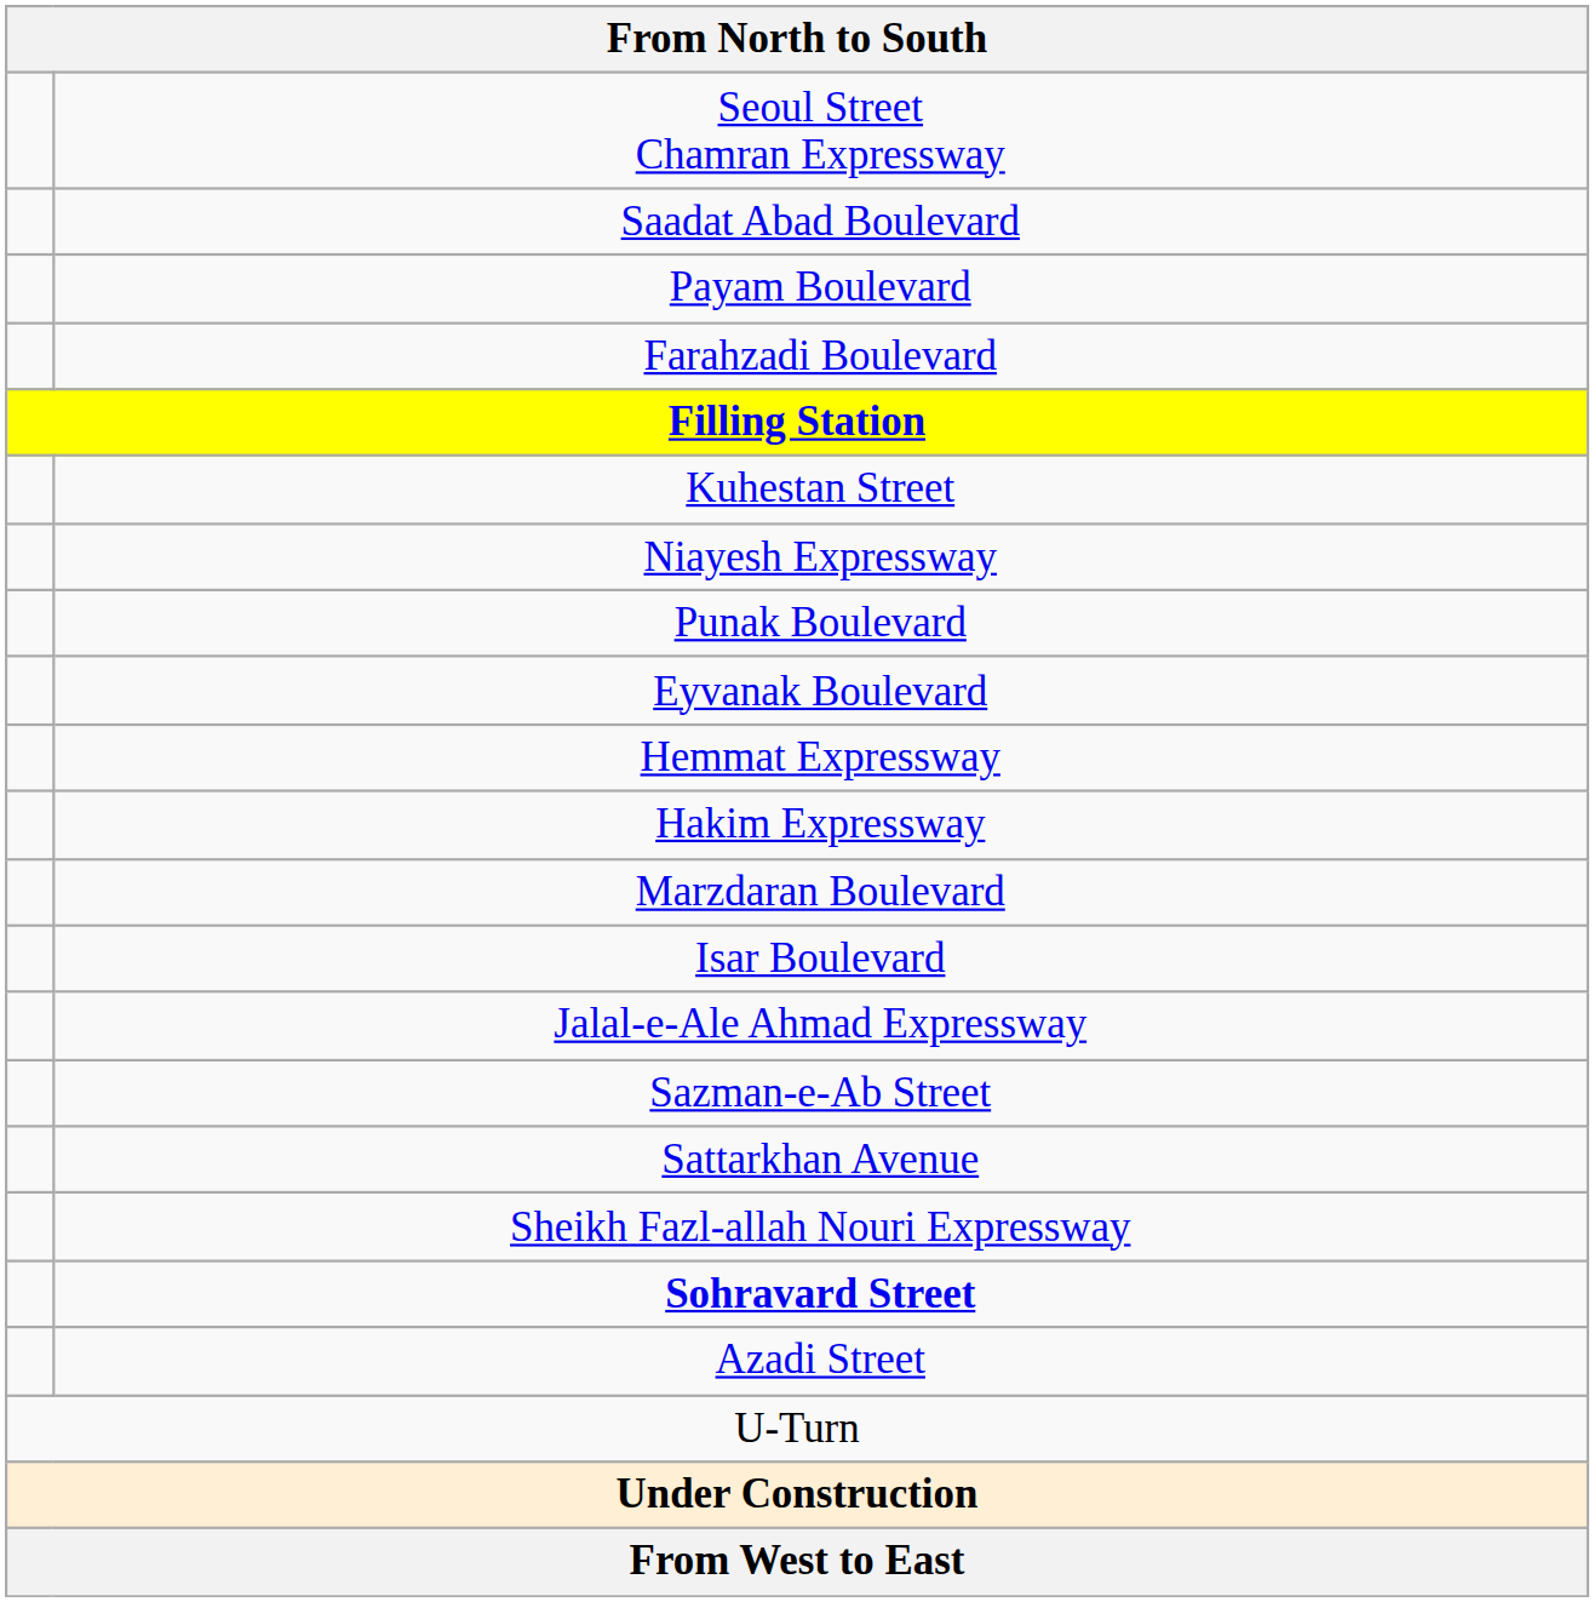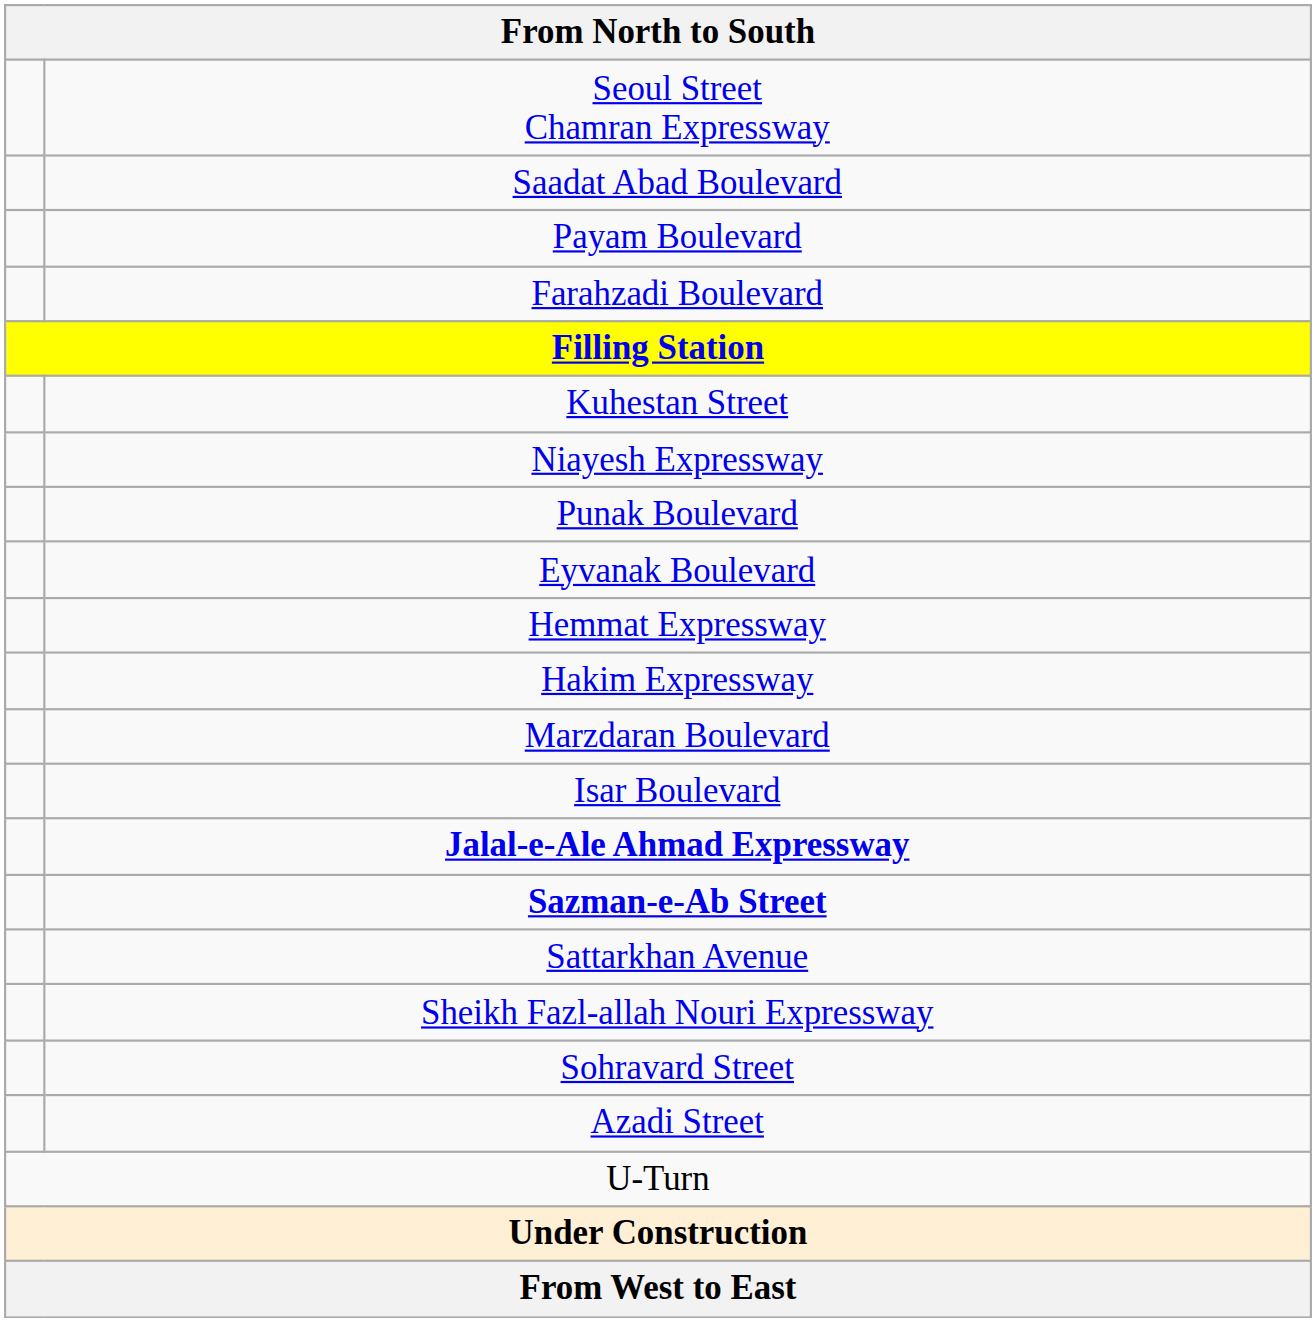 <table class="wikitable" style="text-align:center" width="600px">
 <tr>
 <th text-align="center" colspan="3"> From North to South </th>
 </tr>
 <tr>
 <td><br><br></td>
 <td> <a href='#'>Seoul Street</a><br> <a href='#'>Chamran Expressway</a></td>
 </tr>
 <tr>
 <td></td>
 <td> <a href='#'>Saadat Abad Boulevard</a></td>
 </tr>
 <tr>
 <td></td>
 <td> <a href='#'>Payam Boulevard</a></td>
 </tr>
 <tr>
 <td></td>
 <td> <a href='#'>Farahzadi Boulevard</a></td>
 </tr>
 <tr>
 <td text-align="center" colspan="3" bgcolor="yellow"> <strong><a href='#'><span>Filling Station</span></a></strong></td>
 </tr>
 <tr>
 <td></td>
 <td> <a href='#'>Kuhestan Street</a></td>
 </tr>
 <tr>
 <td></td>
 <td> <a href='#'>Niayesh Expressway</a></td>
 </tr>
 <tr>
 <td></td>
 <td> <a href='#'>Punak Boulevard</a></td>
 </tr>
 <tr>
 <td></td>
 <td> <a href='#'>Eyvanak Boulevard</a></td>
 </tr>
 <tr>
 <td></td>
 <td> <a href='#'>Hemmat Expressway</a></td>
 </tr>
 <tr>
 <td></td>
 <td> <a href='#'>Hakim Expressway</a></td>
 </tr>
 <tr>
 <td></td>
 <td> <a href='#'>Marzdaran Boulevard</a></td>
 </tr>
 <tr>
 <td></td>
 <td> <a href='#'>Isar Boulevard</a></td>
 </tr>
 <tr>
 <td><br></td>
-<td> <a href='#'>Jalal-e-Ale Ahmad Expressway</a></td>
+<td><strong> <a href='#'>Jalal-e-Ale Ahmad Expressway</a></strong></td>
 </tr>
 <tr>
 <td></td>
-<td> <a href='#'>Sazman-e-Ab Street</a></td>
+<td><strong> <a href='#'>Sazman-e-Ab Street</a></strong></td>
 </tr>
 <tr>
 <td></td>
 <td> <a href='#'>Sattarkhan Avenue</a></td>
 </tr>
 <tr>
 <td></td>
 <td> <a href='#'>Sheikh Fazl-allah Nouri Expressway</a></td>
 </tr>
 <tr>
 <td></td>
-<td><strong> <a href='#'>Sohravard Street</a></strong></td>
+<td> <a href='#'>Sohravard Street</a></td>
 </tr>
 <tr>
 <td><br></td>
 <td> <a href='#'>Azadi Street</a></td>
 </tr>
 <tr>
 <td text-align="center" colspan="3"> U-Turn</td>
 </tr>
 <tr>
 <td text-align="center" colspan="3" bgcolor="#FFEFD5"> <strong>Under Construction</strong> </td>
 </tr>
 <tr>
 <th text-align="center" colspan="3"> From West to East </th>
 </tr>
 </table>
